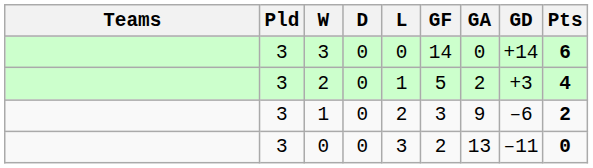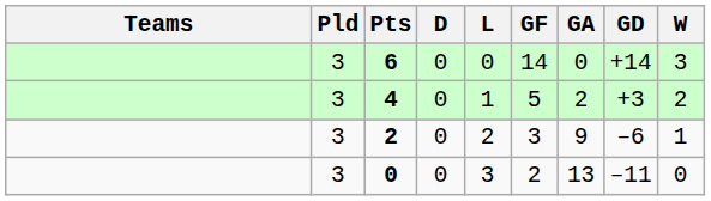 <table class="wikitable" style="text-align: center;">
 <tr>
 <th width=165>Teams</th>
 <th width=20>Pld</th>
-<th width=20>W</th>
+<th width=20>Pts</th>
 <th width=20>D</th>
 <th width=20>L</th>
 <th width=20>GF</th>
 <th width=20>GA</th>
 <th width=20>GD</th>
-<th width=20>Pts</th>
+<th width=20>W</th>
 </tr>
 <tr align=center style="background:#ccffcc;">
 <td style="text-align:left;"></td>
 <td>3</td>
-<td>3</td>
+<td><strong>6</strong></td>
 <td>0</td>
 <td>0</td>
 <td>14</td>
 <td>0</td>
 <td>+14</td>
-<td><strong>6</strong></td>
+<td>3</td>
 </tr>
 <tr align=center style="background:#ccffcc;">
 <td style="text-align:left;"></td>
 <td>3</td>
-<td>2</td>
+<td><strong>4</strong></td>
 <td>0</td>
 <td>1</td>
 <td>5</td>
 <td>2</td>
 <td>+3</td>
-<td><strong>4</strong></td>
+<td>2</td>
 </tr>
 <tr align=center>
 <td style="text-align:left;"></td>
 <td>3</td>
-<td>1</td>
+<td><strong>2</strong></td>
 <td>0</td>
 <td>2</td>
 <td>3</td>
 <td>9</td>
 <td>–6</td>
-<td><strong>2</strong></td>
+<td>1</td>
 </tr>
 <tr align=center>
 <td style="text-align:left;"></td>
 <td>3</td>
-<td>0</td>
+<td><strong>0</strong></td>
 <td>0</td>
 <td>3</td>
 <td>2</td>
 <td>13</td>
 <td>–11</td>
-<td><strong>0</strong></td>
+<td>0</td>
 </tr>
 </table>
